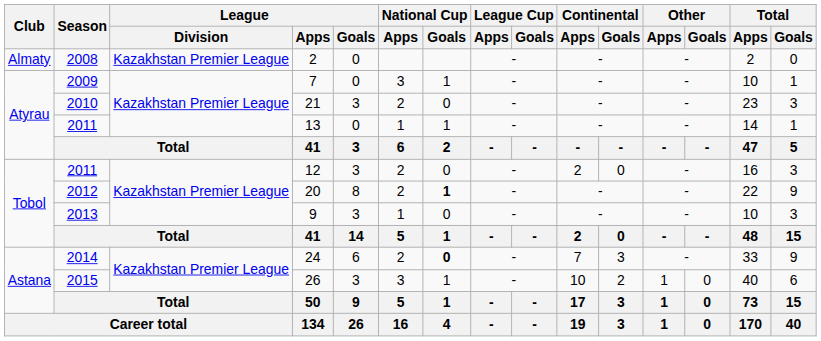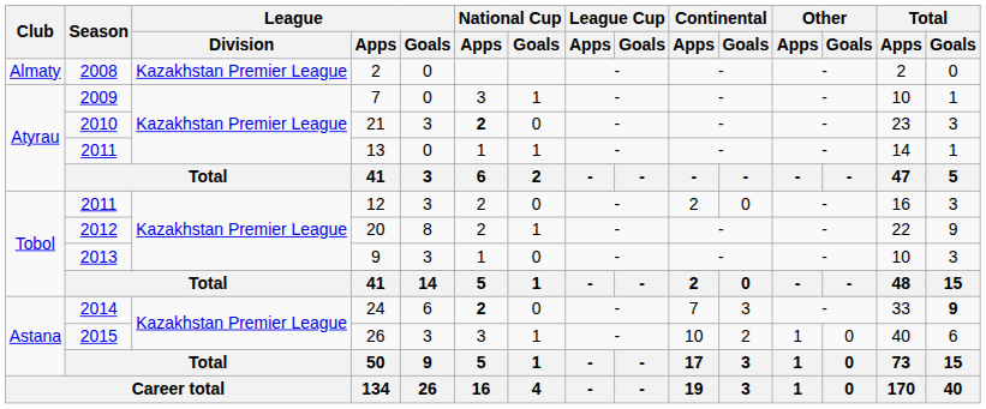 <table class="wikitable" style="text-align: center;">
 <tr>
 <th rowspan="2">Club</th>
 <th rowspan="2">Season</th>
 <th colspan="3">League</th>
 <th colspan="2">National Cup</th>
 <th colspan="2">League Cup</th>
 <th colspan="2">Continental</th>
 <th colspan="2">Other</th>
 <th colspan="2">Total</th>
 </tr>
 <tr>
 <th>Division</th>
 <th>Apps</th>
 <th>Goals</th>
 <th>Apps</th>
 <th>Goals</th>
 <th>Apps</th>
 <th>Goals</th>
 <th>Apps</th>
 <th>Goals</th>
 <th>Apps</th>
 <th>Goals</th>
 <th>Apps</th>
 <th>Goals</th>
 </tr>
 <tr>
 <td valign="center"><a href='#'>Almaty</a></td>
 <td><a href='#'>2008</a></td>
 <td><a href='#'>Kazakhstan Premier League</a></td>
 <td>2</td>
 <td>0</td>
 <td></td>
 <td></td>
 <td colspan="2">-</td>
 <td colspan="2">-</td>
 <td colspan="2">-</td>
 <td>2</td>
 <td>0</td>
 </tr>
 <tr>
 <td rowspan="4" valign="center"><a href='#'>Atyrau</a></td>
 <td><a href='#'>2009</a></td>
 <td rowspan="3" valign="center"><a href='#'>Kazakhstan Premier League</a></td>
 <td>7</td>
 <td>0</td>
 <td>3</td>
 <td>1</td>
 <td colspan="2">-</td>
 <td colspan="2">-</td>
 <td colspan="2">-</td>
 <td>10</td>
 <td>1</td>
 </tr>
 <tr>
 <td><a href='#'>2010</a></td>
 <td>21</td>
 <td>3</td>
-<td>2</td>
+<td><strong>2</strong></td>
 <td>0</td>
 <td colspan="2">-</td>
 <td colspan="2">-</td>
 <td colspan="2">-</td>
 <td>23</td>
 <td>3</td>
 </tr>
 <tr>
 <td><a href='#'>2011</a></td>
 <td>13</td>
 <td>0</td>
 <td>1</td>
 <td>1</td>
 <td colspan="2">-</td>
 <td colspan="2">-</td>
 <td colspan="2">-</td>
 <td>14</td>
 <td>1</td>
 </tr>
 <tr>
 <th colspan="2">Total</th>
 <th>41</th>
 <th>3</th>
 <th>6</th>
 <th>2</th>
 <th>-</th>
 <th>-</th>
 <th>-</th>
 <th>-</th>
 <th>-</th>
 <th>-</th>
 <th>47</th>
 <th>5</th>
 </tr>
 <tr>
 <td rowspan="4" valign="center"><a href='#'>Tobol</a></td>
 <td><a href='#'>2011</a></td>
 <td rowspan="3" valign="center"><a href='#'>Kazakhstan Premier League</a></td>
 <td>12</td>
 <td>3</td>
 <td>2</td>
 <td>0</td>
 <td colspan="2">-</td>
 <td>2</td>
 <td>0</td>
 <td colspan="2">-</td>
 <td>16</td>
 <td>3</td>
 </tr>
 <tr>
 <td><a href='#'>2012</a></td>
 <td>20</td>
 <td>8</td>
 <td>2</td>
-<td><strong>1</strong></td>
+<td>1</td>
 <td colspan="2">-</td>
 <td colspan="2">-</td>
 <td colspan="2">-</td>
 <td>22</td>
 <td>9</td>
 </tr>
 <tr>
 <td><a href='#'>2013</a></td>
 <td>9</td>
 <td>3</td>
 <td>1</td>
 <td>0</td>
 <td colspan="2">-</td>
 <td colspan="2">-</td>
 <td colspan="2">-</td>
 <td>10</td>
 <td>3</td>
 </tr>
 <tr>
 <th colspan="2">Total</th>
 <th>41</th>
 <th>14</th>
 <th>5</th>
 <th>1</th>
 <th>-</th>
 <th>-</th>
 <th>2</th>
 <th>0</th>
 <th>-</th>
 <th>-</th>
 <th>48</th>
 <th>15</th>
 </tr>
 <tr>
 <td rowspan="3" valign="center"><a href='#'>Astana</a></td>
 <td><a href='#'>2014</a></td>
 <td rowspan="2" valign="center"><a href='#'>Kazakhstan Premier League</a></td>
 <td>24</td>
 <td>6</td>
-<td>2</td>
-<td><strong>0</strong></td>
+<td><strong>2</strong></td>
+<td>0</td>
 <td colspan="2">-</td>
 <td>7</td>
 <td>3</td>
 <td colspan="2">-</td>
 <td>33</td>
-<td>9</td>
+<td><strong>9</strong></td>
 </tr>
 <tr>
 <td><a href='#'>2015</a></td>
 <td>26</td>
 <td>3</td>
 <td>3</td>
 <td>1</td>
 <td colspan="2">-</td>
 <td>10</td>
 <td>2</td>
 <td>1</td>
 <td>0</td>
 <td>40</td>
 <td>6</td>
 </tr>
 <tr>
 <th colspan="2">Total</th>
 <th>50</th>
 <th>9</th>
 <th>5</th>
 <th>1</th>
 <th>-</th>
 <th>-</th>
 <th>17</th>
 <th>3</th>
 <th>1</th>
 <th>0</th>
 <th>73</th>
 <th>15</th>
 </tr>
 <tr>
 <th colspan="3">Career total</th>
 <th>134</th>
 <th>26</th>
 <th>16</th>
 <th>4</th>
 <th>-</th>
 <th>-</th>
 <th>19</th>
 <th>3</th>
 <th>1</th>
 <th>0</th>
 <th>170</th>
 <th>40</th>
 </tr>
 </table>
